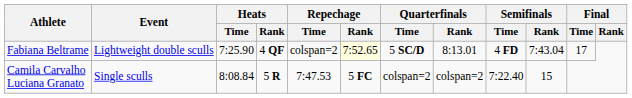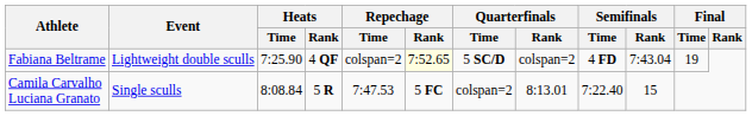 <table class="wikitable" style="font-size:90%">
 <tr>
 <th rowspan="2">Athlete</th>
 <th rowspan="2">Event</th>
 <th colspan="2">Heats</th>
 <th colspan="2">Repechage</th>
 <th colspan="2">Quarterfinals</th>
 <th colspan="2">Semifinals</th>
 <th colspan="2">Final</th>
 </tr>
 <tr style="font-size:95%">
 <th>Time</th>
 <th>Rank</th>
 <th>Time</th>
 <th>Rank</th>
 <th>Time</th>
 <th>Rank</th>
 <th>Time</th>
 <th>Rank</th>
 <th>Time</th>
 <th>Rank</th>
 </tr>
 <tr align=center>
 <td align=left><a href='#'>Fabiana Beltrame</a></td>
 <td align=left><a href='#'>Lightweight double sculls</a></td>
 <td>7:25.90</td>
 <td>4 <strong>QF</strong></td>
 <td>colspan=2 </td>
 <td style="background: lightyellow;">7:52.65</td>
 <td>5 <strong>SC/D</strong></td>
-<td>8:13.01</td>
+<td>colspan=2 </td>
 <td>4 <strong>FD</strong></td>
 <td>7:43.04</td>
-<td>17</td>
+<td>19</td>
 </tr>
 <tr align=center>
 <td align=left><a href='#'>Camila Carvalho</a><br><a href='#'>Luciana Granato</a></td>
 <td align=left><a href='#'>Single sculls</a></td>
 <td>8:08.84</td>
 <td>5 <strong>R</strong></td>
 <td>7:47.53</td>
 <td>5 <strong>FC</strong></td>
 <td>colspan=2 </td>
-<td>colspan=2 </td>
+<td>8:13.01</td>
 <td>7:22.40</td>
 <td>15</td>
 </tr>
 </table>
